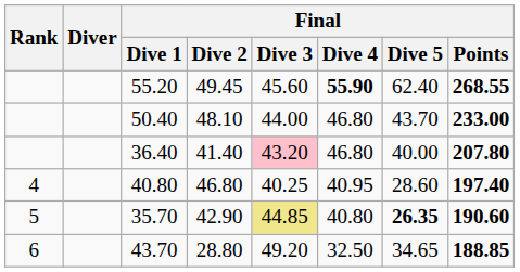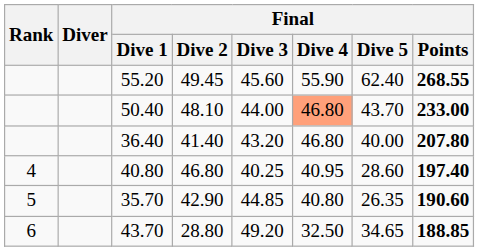 <table class="wikitable sortable"  style="text-align:center">
 <tr>
 <th rowspan="2" data-sort-type=number>Rank</th>
 <th rowspan="2">Diver</th>
 <th colspan="7">Final</th>
 </tr>
 <tr>
 <th>Dive 1</th>
 <th>Dive 2</th>
 <th>Dive 3</th>
 <th>Dive 4</th>
 <th>Dive 5</th>
 <th>Points</th>
 </tr>
 <tr>
 <td></td>
 <td align="left"></td>
 <td>55.20</td>
 <td>49.45</td>
 <td>45.60</td>
-<td><strong>55.90</strong></td>
+<td>55.90</td>
 <td>62.40</td>
 <td><strong>268.55</strong></td>
 </tr>
 <tr>
 <td></td>
 <td align="left"></td>
 <td>50.40</td>
 <td>48.10</td>
 <td>44.00</td>
-<td>46.80</td>
+<td style="background: lightsalmon;">46.80</td>
 <td>43.70</td>
 <td><strong>233.00</strong></td>
 </tr>
 <tr>
 <td></td>
 <td align="left"></td>
 <td>36.40</td>
 <td>41.40</td>
-<td style="background: pink;">43.20</td>
+<td>43.20</td>
 <td>46.80</td>
 <td>40.00</td>
 <td><strong>207.80</strong></td>
 </tr>
 <tr>
 <td>4</td>
 <td align="left"></td>
 <td>40.80</td>
 <td>46.80</td>
 <td>40.25</td>
 <td>40.95</td>
 <td>28.60</td>
 <td><strong>197.40</strong></td>
 </tr>
 <tr>
 <td>5</td>
 <td align="left"></td>
 <td>35.70</td>
 <td>42.90</td>
-<td style="background: khaki;">44.85</td>
+<td>44.85</td>
 <td>40.80</td>
-<td><strong>26.35</strong></td>
+<td>26.35</td>
 <td><strong>190.60</strong></td>
 </tr>
 <tr>
 <td>6</td>
 <td align="left"></td>
 <td>43.70</td>
 <td>28.80</td>
 <td>49.20</td>
 <td>32.50</td>
 <td>34.65</td>
 <td><strong>188.85</strong></td>
 </tr>
 </table>
